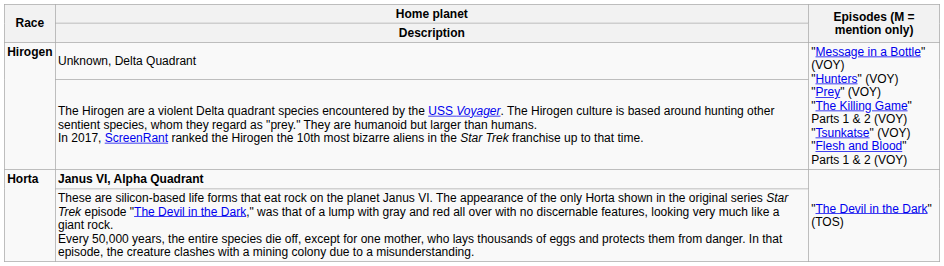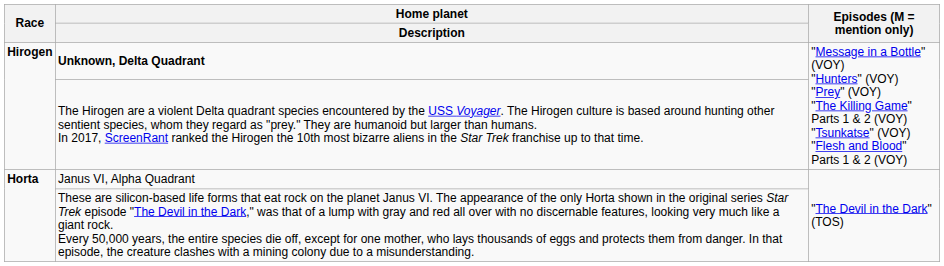 <table class="wikitable">
 <tr>
 <th rowspan="2">Race</th>
 <th>Home planet</th>
 <th rowspan="2">Episodes (M = mention only)</th>
 </tr>
 <tr>
 <th>Description</th>
 </tr>
 <tr>
 <td rowspan="2" style="vertical-align: top;"><strong>Hirogen</strong> </td>
-<td>Unknown, Delta Quadrant</td>
+<td><strong>Unknown, Delta Quadrant</strong></td>
 <td rowspan="2">"<a href='#'>Message in a Bottle</a>"(VOY)<br>"<a href='#'>Hunters</a>" (VOY)<br>"<a href='#'>Prey</a>" (VOY)<br>"<a href='#'>The Killing Game</a>" Parts 1 & 2 (VOY)<br>"<a href='#'>Tsunkatse</a>" (VOY)<br>"<a href='#'>Flesh and Blood</a>" Parts 1 & 2 (VOY)</td>
 </tr>
 <tr>
 <td>The Hirogen are a violent Delta quadrant species encountered by the <a href='#'>USS <em>Voyager</em></a>. The Hirogen culture is based around hunting other sentient species, whom they regard as "prey." They are humanoid but larger than humans.<br>In 2017, <a href='#'>ScreenRant</a> ranked the Hirogen the 10th most bizarre aliens in the <em>Star Trek</em> franchise up to that time.</td>
 </tr>
 <tr>
 <td rowspan="2" style="vertical-align: top;"><strong>Horta</strong> </td>
-<td><strong>Janus VI, Alpha Quadrant</strong></td>
+<td>Janus VI, Alpha Quadrant</td>
 <td rowspan="2">"<a href='#'>The Devil in the Dark</a>" (TOS)</td>
 </tr>
 <tr>
 <td>These are silicon-based life forms that eat rock on the planet Janus VI. The appearance of the only Horta shown in the original series <em>Star Trek</em> episode "<a href='#'>The Devil in the Dark</a>," was that of a lump with gray and red all over with no discernable features, looking very much like a giant rock.<br>Every 50,000 years, the entire species die off, except for one mother, who lays thousands of eggs and protects them from danger. In that episode, the creature clashes with a mining colony due to a misunderstanding.</td>
 </tr>
 </table>
